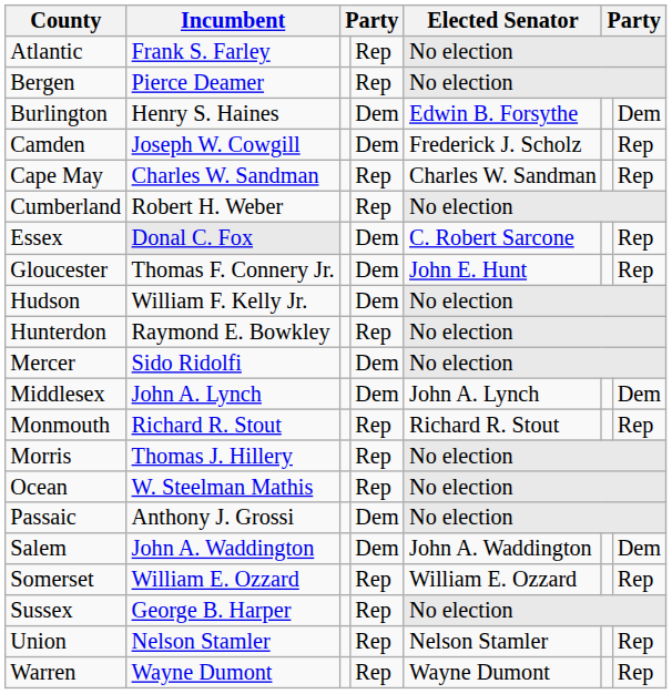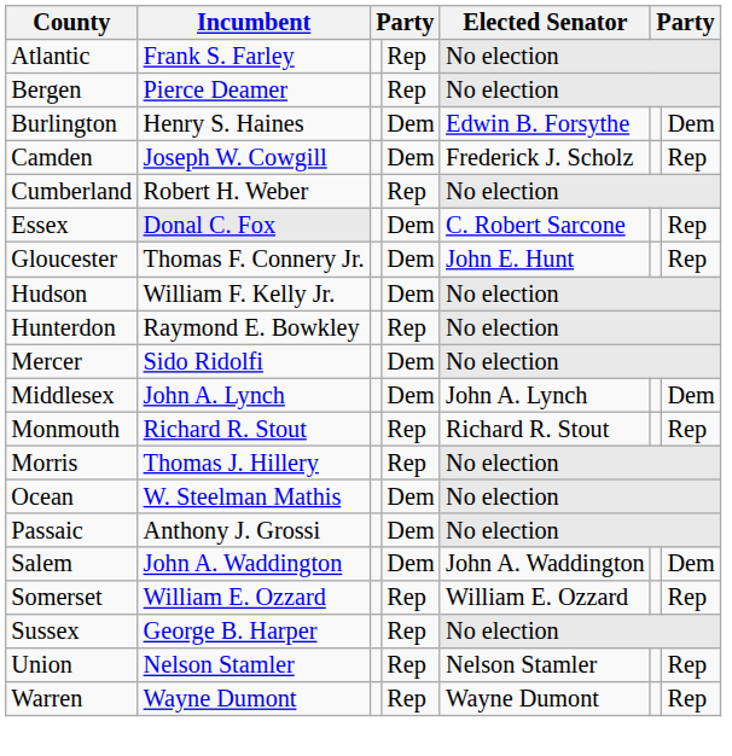 <table class="sortable wikitable" style="font-size:95%;line-height:14px;">
 <tr>
 <th>County</th>
 <th class="unsortable"><a href='#'>Incumbent</a></th>
 <th colspan="2">Party</th>
 <th>Elected Senator</th>
 <th colspan="2">Party</th>
 </tr>
 <tr>
 <td>Atlantic</td>
 <td><a href='#'>Frank S. Farley</a></td>
 <td style="background:"></td>
 <td>Rep</td>
 <td colspan="3"  style="background:#E9E9E9;">No election</td>
 </tr>
 <tr>
 <td>Bergen</td>
 <td><a href='#'>Pierce Deamer</a></td>
 <td style="background:"></td>
 <td>Rep</td>
 <td colspan="3"  style="background:#E9E9E9;">No election</td>
 </tr>
 <tr>
 <td>Burlington</td>
 <td>Henry S. Haines</td>
 <td style="background:"></td>
 <td>Dem</td>
 <td><a href='#'>Edwin B. Forsythe</a></td>
 <td style="background:"></td>
 <td>Dem</td>
 </tr>
 <tr>
 <td>Camden</td>
 <td><a href='#'>Joseph W. Cowgill</a></td>
 <td style="background:"></td>
 <td>Dem</td>
 <td>Frederick J. Scholz</td>
-<td style="background:"></td>
-<td>Rep</td>
-</tr>
-<tr>
-<td>Cape May</td>
-<td><a href='#'>Charles W. Sandman</a></td>
-<td style="background:"></td>
-<td>Rep</td>
-<td>Charles W. Sandman</td>
 <td style="background:"></td>
 <td>Rep</td>
 </tr>
 <tr>
 <td>Cumberland</td>
 <td>Robert H. Weber</td>
 <td style="background:"></td>
 <td>Rep</td>
 <td colspan="3" style="background:#E9E9E9;">No election</td>
 </tr>
 <tr>
 <td>Essex</td>
 <td style="background:#E9E9E9;"><a href='#'>Donal C. Fox</a></td>
 <td style="background:"></td>
 <td>Dem</td>
 <td><a href='#'>C. Robert Sarcone</a></td>
 <td style="background:"></td>
 <td>Rep</td>
 </tr>
 <tr>
 <td>Gloucester</td>
 <td>Thomas F. Connery Jr.</td>
 <td style="background:"></td>
 <td>Dem</td>
 <td><a href='#'>John E. Hunt</a></td>
 <td style="background:"></td>
 <td>Rep</td>
 </tr>
 <tr>
 <td>Hudson</td>
 <td>William F. Kelly Jr.</td>
 <td style="background:"></td>
 <td>Dem</td>
 <td colspan="3"  style="background:#E9E9E9;">No election</td>
 </tr>
 <tr>
 <td>Hunterdon</td>
 <td>Raymond E. Bowkley</td>
 <td style="background:"></td>
 <td>Rep</td>
 <td colspan="3"  style="background:#E9E9E9;">No election</td>
 </tr>
 <tr>
 <td>Mercer</td>
 <td><a href='#'>Sido Ridolfi</a></td>
 <td style="background:"></td>
 <td>Dem</td>
 <td colspan="3"  style="background:#E9E9E9;">No election</td>
 </tr>
 <tr>
 <td>Middlesex</td>
 <td><a href='#'>John A. Lynch</a></td>
 <td style="background:"></td>
 <td>Dem</td>
 <td>John A. Lynch</td>
 <td style="background:"></td>
 <td>Dem</td>
 </tr>
 <tr>
 <td>Monmouth</td>
 <td><a href='#'>Richard R. Stout</a></td>
 <td style="background:"></td>
 <td>Rep</td>
 <td>Richard R. Stout</td>
 <td style="background:"></td>
 <td>Rep</td>
 </tr>
 <tr>
 <td>Morris</td>
 <td><a href='#'>Thomas J. Hillery</a></td>
 <td style="background:"></td>
 <td>Rep</td>
 <td colspan="3"  style="background:#E9E9E9;">No election</td>
 </tr>
 <tr>
 <td>Ocean</td>
 <td><a href='#'>W. Steelman Mathis</a></td>
 <td style="background:"></td>
-<td>Rep</td>
+<td>Dem</td>
 <td colspan="3"  style="background:#E9E9E9;">No election</td>
 </tr>
 <tr>
 <td>Passaic</td>
 <td>Anthony J. Grossi</td>
 <td style="background:"></td>
 <td>Dem</td>
 <td colspan="3"  style="background:#E9E9E9;">No election</td>
 </tr>
 <tr>
 <td>Salem</td>
 <td><a href='#'>John A. Waddington</a></td>
 <td style="background:"></td>
 <td>Dem</td>
 <td>John A. Waddington</td>
 <td style="background:"></td>
 <td>Dem</td>
 </tr>
 <tr>
 <td>Somerset</td>
 <td><a href='#'>William E. Ozzard</a></td>
 <td style="background:"></td>
 <td>Rep</td>
 <td>William E. Ozzard</td>
 <td style="background:"></td>
 <td>Rep</td>
 </tr>
 <tr>
 <td>Sussex</td>
 <td><a href='#'>George B. Harper</a></td>
 <td style="background:"></td>
 <td>Rep</td>
 <td colspan="3"  style="background:#E9E9E9;">No election</td>
 </tr>
 <tr>
 <td>Union</td>
 <td><a href='#'>Nelson Stamler</a></td>
 <td style="background:"></td>
 <td>Rep</td>
 <td>Nelson Stamler</td>
 <td style="background:"></td>
 <td>Rep</td>
 </tr>
 <tr>
 <td>Warren</td>
 <td><a href='#'>Wayne Dumont</a></td>
 <td style="background:"></td>
 <td>Rep</td>
 <td>Wayne Dumont</td>
 <td style="background:"></td>
 <td>Rep</td>
 </tr>
 </table>
